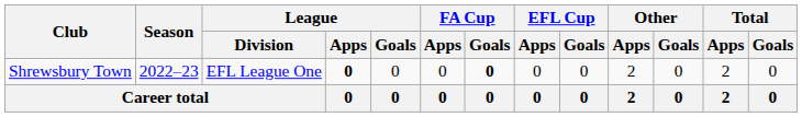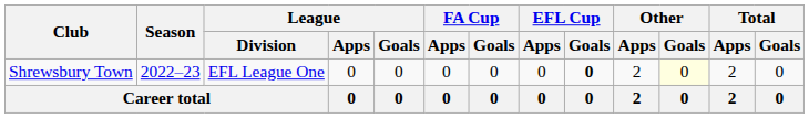 <table class="wikitable" style="text-align:center">
 <tr>
 <th rowspan="2">Club</th>
 <th rowspan="2">Season</th>
 <th colspan="3">League</th>
 <th colspan="2"><a href='#'>FA Cup</a></th>
 <th colspan="2"><a href='#'>EFL Cup</a></th>
 <th colspan="2">Other</th>
 <th colspan="2">Total</th>
 </tr>
 <tr>
 <th>Division</th>
 <th>Apps</th>
 <th>Goals</th>
 <th>Apps</th>
 <th>Goals</th>
 <th>Apps</th>
 <th>Goals</th>
 <th>Apps</th>
 <th>Goals</th>
 <th>Apps</th>
 <th>Goals</th>
 </tr>
 <tr>
 <td><a href='#'>Shrewsbury Town</a></td>
 <td><a href='#'>2022–23</a></td>
 <td><a href='#'>EFL League One</a></td>
-<td><strong>0</strong></td>
+<td>0</td>
+<td>0</td>
+<td>0</td>
 <td>0</td>
 <td>0</td>
 <td><strong>0</strong></td>
-<td>0</td>
-<td>0</td>
 <td>2</td>
-<td>0</td>
+<td style="background: lightyellow;">0</td>
 <td>2</td>
 <td>0</td>
 </tr>
 <tr>
 <th colspan="3">Career total</th>
 <th>0</th>
 <th>0</th>
 <th>0</th>
 <th>0</th>
 <th>0</th>
 <th>0</th>
 <th>2</th>
 <th>0</th>
 <th>2</th>
 <th>0</th>
 </tr>
 </table>
